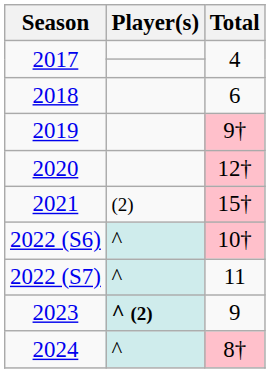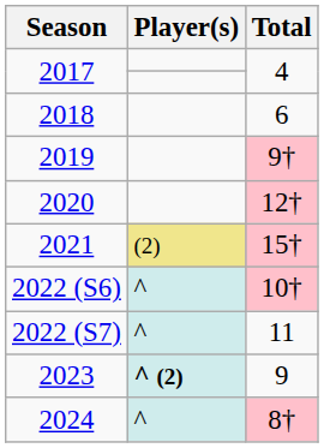 <table class="wikitable sortable" style="text-align:center">
 <tr>
 <th>Season</th>
 <th>Player(s)</th>
 <th>Total</th>
 </tr>
 <tr>
 <td rowspan="2"><a href='#'>2017</a></td>
 <td align="left"></td>
 <td rowspan="2">4</td>
 </tr>
 <tr>
 <td align=left></td>
 </tr>
 <tr>
 <td><a href='#'>2018</a></td>
 <td align=left></td>
 <td>6</td>
 </tr>
 <tr>
 <td><a href='#'>2019</a></td>
 <td align=left></td>
 <td bgcolor="#FFC0CB">9†</td>
 </tr>
 <tr>
 <td><a href='#'>2020</a></td>
 <td align=left></td>
 <td bgcolor="#FFC0CB">12†</td>
 </tr>
 <tr>
 <td><a href='#'>2021</a></td>
-<td align=left> <small>(2)</small></td>
+<td align=left style="background: khaki;"> <small>(2)</small></td>
 <td bgcolor="#FFC0CB">15†</td>
 </tr>
 <tr>
 <td><a href='#'>2022 (S6)</a></td>
 <td align="left" bgcolor="#CFECEC">^</td>
 <td bgcolor="#FFC0CB">10†</td>
 </tr>
 <tr>
 <td><a href='#'>2022 (S7)</a></td>
 <td align="left" bgcolor="#CFECEC">^</td>
 <td>11</td>
 </tr>
 <tr>
 <td><a href='#'>2023</a></td>
 <td align="left" bgcolor="#CFECEC"><strong>^ <small>(2)</small></strong></td>
 <td>9</td>
 </tr>
 <tr>
 <td><a href='#'>2024</a></td>
 <td align="left" bgcolor="#CFECEC">^</td>
 <td bgcolor="#FFC0CB">8†</td>
 </tr>
 </table>
